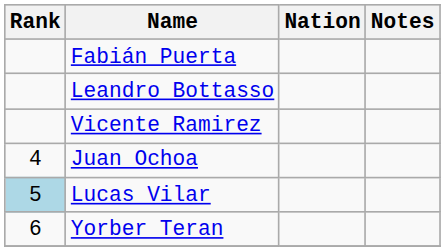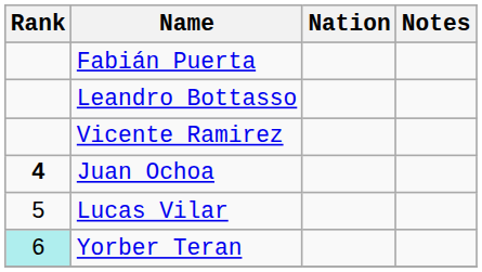 <table class="wikitable sortable" style="text-align:center">
 <tr>
 <th>Rank</th>
 <th>Name</th>
 <th>Nation</th>
 <th>Notes</th>
 </tr>
 <tr>
 <td></td>
 <td align=left><a href='#'>Fabián Puerta</a></td>
 <td align=left></td>
 <td></td>
 </tr>
 <tr>
 <td></td>
 <td align=left><a href='#'>Leandro Bottasso</a></td>
 <td align=left></td>
 <td></td>
 </tr>
 <tr>
 <td></td>
 <td align=left><a href='#'>Vicente Ramirez</a></td>
 <td align=left></td>
 <td></td>
 </tr>
 <tr>
-<td>4</td>
+<td><strong>4</strong></td>
 <td align=left><a href='#'>Juan Ochoa</a></td>
 <td align=left></td>
 <td></td>
 </tr>
 <tr>
-<td style="background: lightblue;">5</td>
+<td>5</td>
 <td align=left><a href='#'>Lucas Vilar</a></td>
 <td align=left></td>
 <td></td>
 </tr>
 <tr>
-<td>6</td>
+<td style="background: paleturquoise;">6</td>
 <td align=left><a href='#'>Yorber Teran</a></td>
 <td align=left></td>
 <td></td>
 </tr>
 <tr>
 </tr>
 </table>
